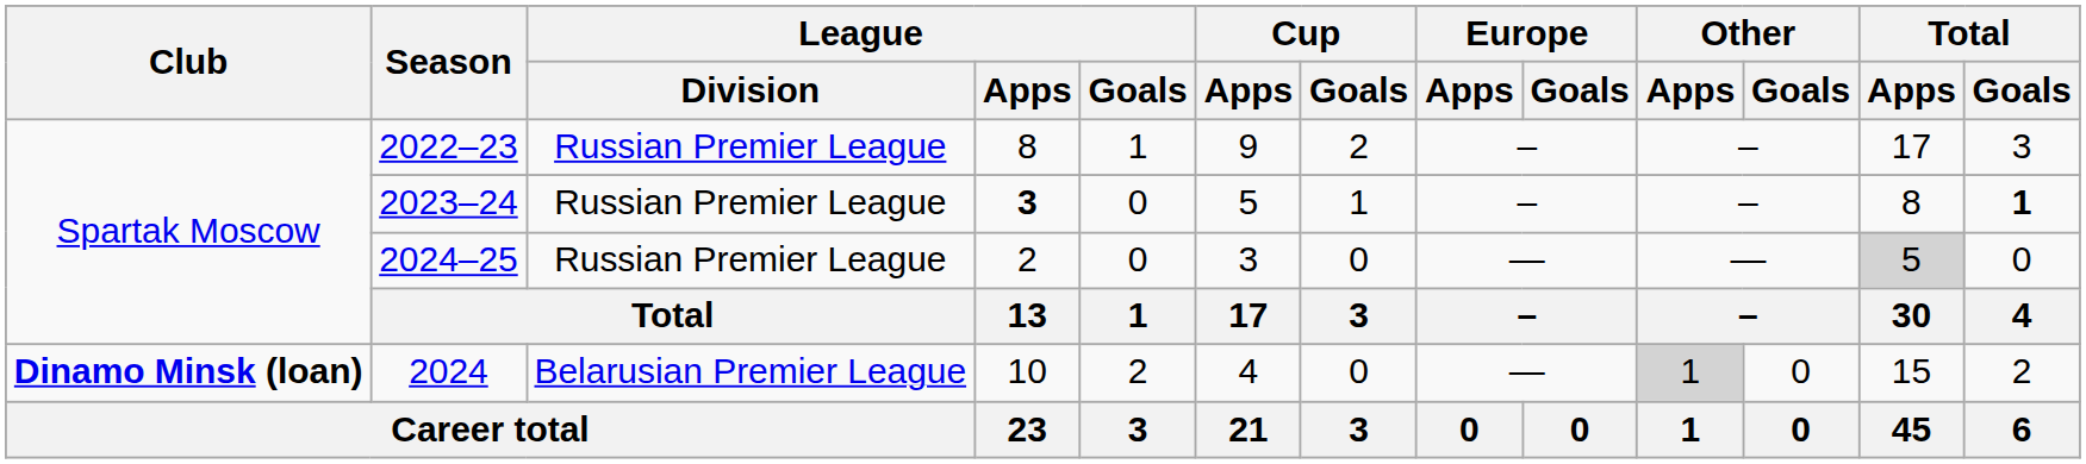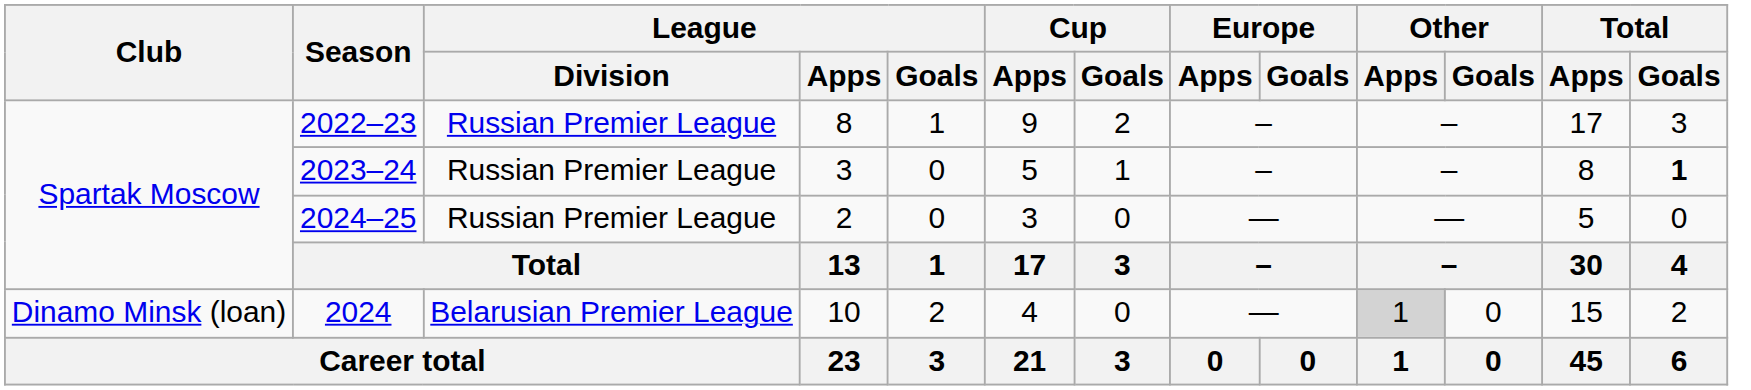 <table class="wikitable" style="text-align:center">
 <tr>
 <th rowspan="2">Club</th>
 <th rowspan="2">Season</th>
 <th colspan="3">League</th>
 <th colspan="2">Cup</th>
 <th colspan="2">Europe</th>
 <th colspan="2">Other</th>
 <th colspan="2">Total</th>
 </tr>
 <tr>
 <th>Division</th>
 <th>Apps</th>
 <th>Goals</th>
 <th>Apps</th>
 <th>Goals</th>
 <th>Apps</th>
 <th>Goals</th>
 <th>Apps</th>
 <th>Goals</th>
 <th>Apps</th>
 <th>Goals</th>
 </tr>
 <tr>
 <td rowspan="4"><a href='#'>Spartak Moscow</a></td>
 <td><a href='#'>2022–23</a></td>
 <td><a href='#'>Russian Premier League</a></td>
 <td>8</td>
 <td>1</td>
 <td>9</td>
 <td>2</td>
 <td colspan="2">–</td>
 <td colspan="2">–</td>
 <td>17</td>
 <td>3</td>
 </tr>
 <tr>
 <td><a href='#'>2023–24</a></td>
 <td>Russian Premier League</td>
-<td><strong>3</strong></td>
+<td>3</td>
 <td>0</td>
 <td>5</td>
 <td>1</td>
 <td colspan="2">–</td>
 <td colspan="2">–</td>
 <td>8</td>
 <td><strong>1</strong></td>
 </tr>
 <tr>
 <td><a href='#'>2024–25</a></td>
 <td>Russian Premier League</td>
 <td>2</td>
 <td>0</td>
 <td>3</td>
 <td>0</td>
 <td colspan="2">—</td>
 <td colspan="2">—</td>
-<td style="background: lightgrey;">5</td>
+<td>5</td>
 <td>0</td>
 </tr>
 <tr>
 <th colspan="2">Total</th>
 <th>13</th>
 <th>1</th>
 <th>17</th>
 <th>3</th>
 <th colspan="2">–</th>
 <th colspan="2">–</th>
 <th>30</th>
 <th>4</th>
 </tr>
 <tr>
-<td><strong><a href='#'>Dinamo Minsk</a> (loan)</strong></td>
+<td><a href='#'>Dinamo Minsk</a> (loan)</td>
 <td><a href='#'>2024</a></td>
 <td><a href='#'>Belarusian Premier League</a></td>
 <td>10</td>
 <td>2</td>
 <td>4</td>
 <td>0</td>
 <td colspan="2">—</td>
 <td style="background: lightgrey;">1</td>
 <td>0</td>
 <td>15</td>
 <td>2</td>
 </tr>
 <tr>
 <th colspan="3">Career total</th>
 <th>23</th>
 <th>3</th>
 <th>21</th>
 <th>3</th>
 <th>0</th>
 <th>0</th>
 <th>1</th>
 <th>0</th>
 <th>45</th>
 <th>6</th>
 </tr>
 </table>
